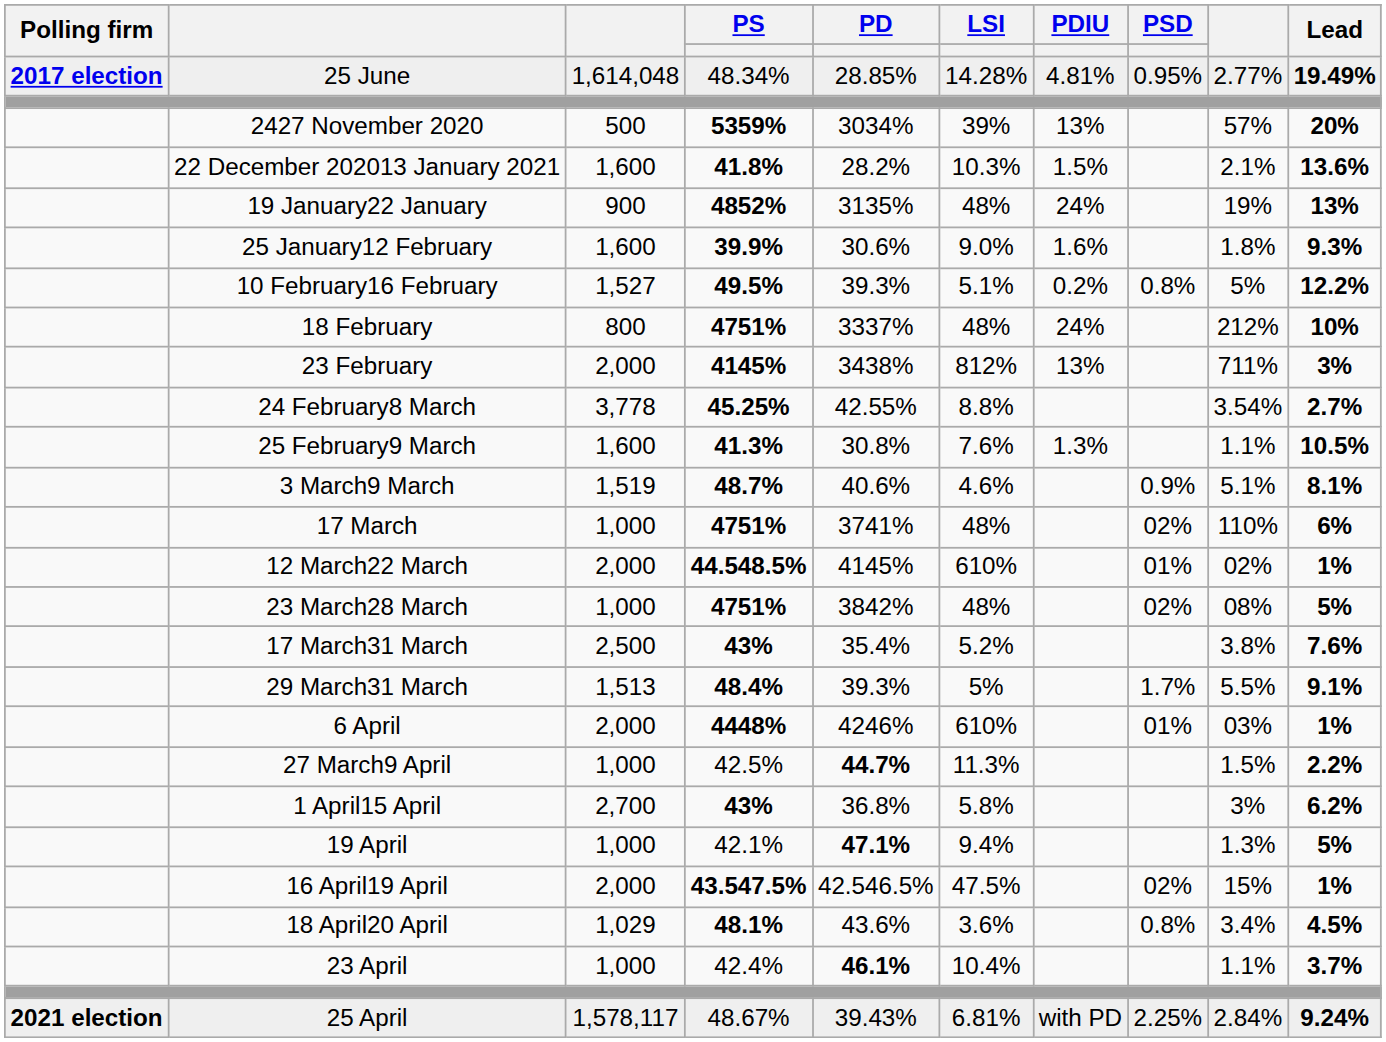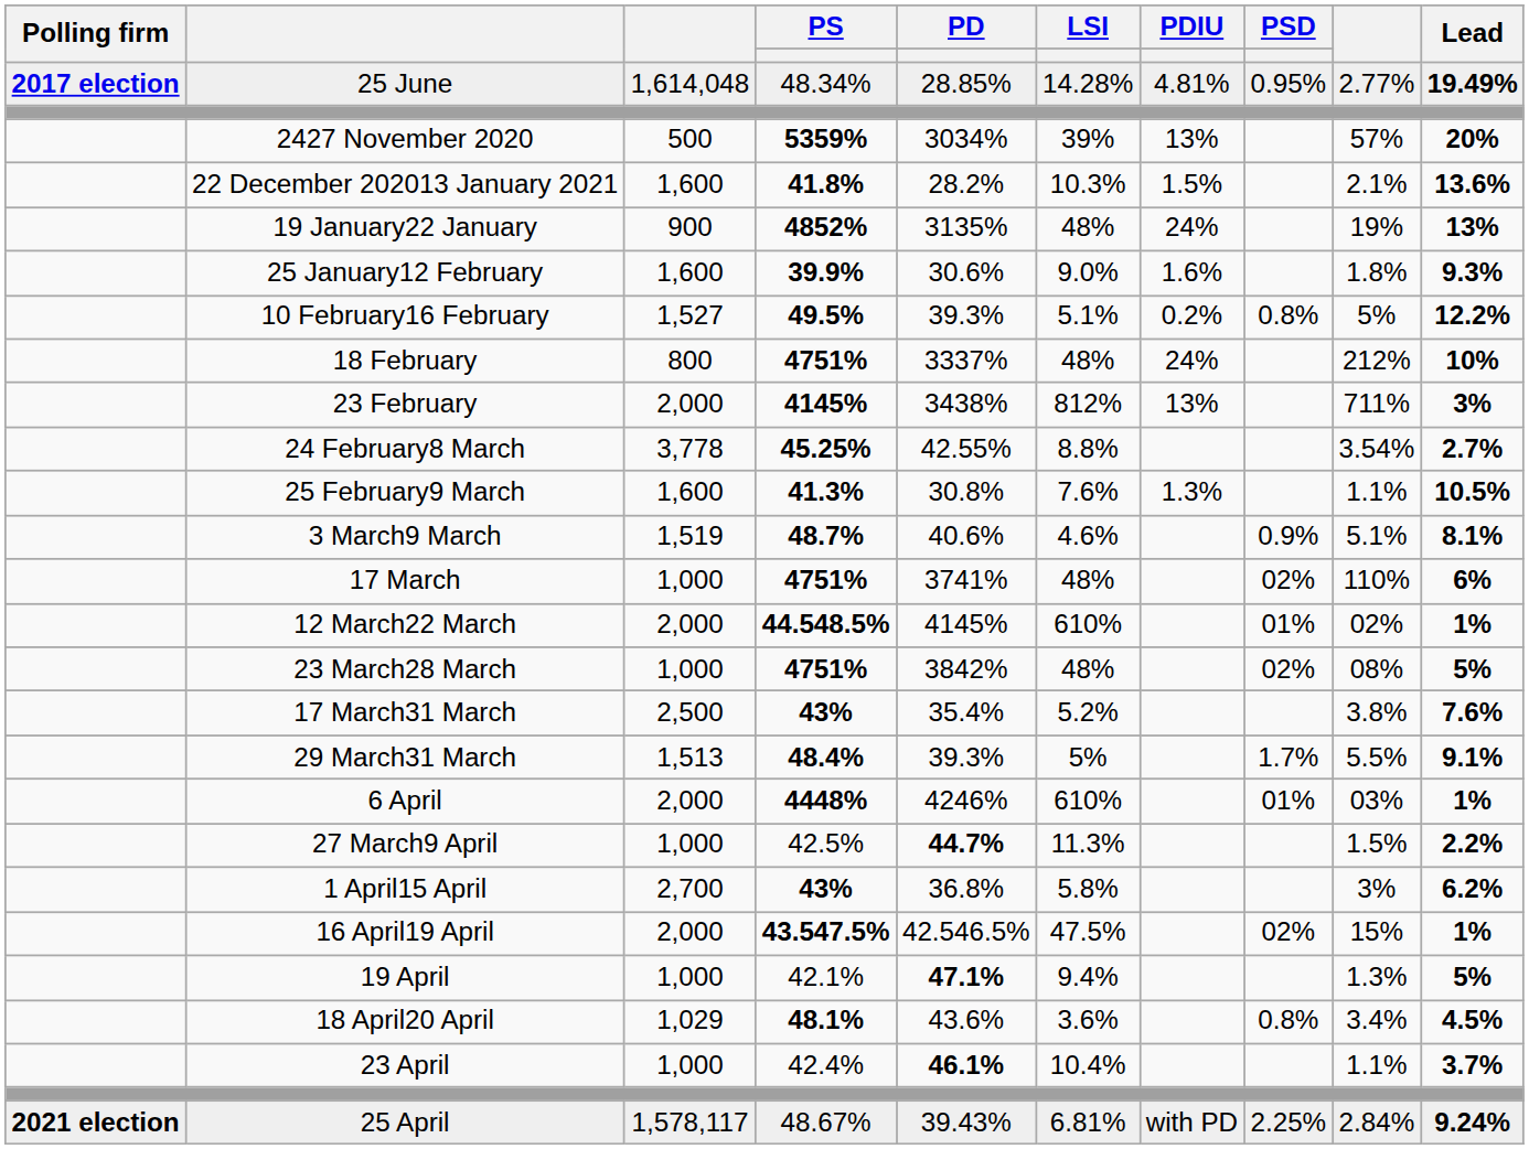 <table class="wikitable" style="text-align:center; font-size:85%; line-height:16px; margin-bottom:0">
 <tr>
 <th rowspan="2">Polling firm</th>
 <th rowspan="2"></th>
 <th rowspan="2"></th>
 <th><a href='#'>PS</a></th>
 <th><a href='#'>PD</a></th>
 <th><a href='#'>LSI</a></th>
 <th><a href='#'>PDIU</a></th>
 <th><a href='#'>PSD</a></th>
 <th rowspan="2"></th>
 <th rowspan="2">Lead</th>
 </tr>
 <tr>
 <th style="background:"></th>
 <th style="background:"></th>
 <th style="background:"></th>
 <th style="background:"></th>
 <th style="background:"></th>
 </tr>
 <tr style="background:#EFEFEF">
 <td><strong><a href='#'>2017 election</a></strong></td>
 <td>25 June</td>
 <td>1,614,048</td>
 <td>48.34%</td>
 <td>28.85%</td>
 <td>14.28%</td>
 <td>4.81%</td>
 <td>0.95%</td>
 <td>2.77%</td>
 <td style="background:"><strong>19.49%</strong></td>
 </tr>
 <tr>
 <td colspan="10" style="background:#A0A0A0"></td>
 </tr>
 <tr>
 <td></td>
 <td>2427 November 2020</td>
 <td>500</td>
 <td><strong>5359%</strong></td>
 <td>3034%</td>
 <td>39%</td>
 <td>13%</td>
 <td></td>
 <td>57%</td>
 <td style="background:"><strong>20%</strong></td>
 </tr>
 <tr>
 <td></td>
 <td>22 December 202013 January 2021</td>
 <td>1,600</td>
 <td><strong>41.8%</strong></td>
 <td>28.2%</td>
 <td>10.3%</td>
 <td>1.5%</td>
 <td></td>
 <td>2.1%</td>
 <td style="background:"><strong>13.6%</strong></td>
 </tr>
 <tr>
 <td></td>
 <td>19 January22 January</td>
 <td>900</td>
 <td><strong>4852%</strong></td>
 <td>3135%</td>
 <td>48%</td>
 <td>24%</td>
 <td></td>
 <td>19%</td>
 <td style="background:"><strong>13%</strong></td>
 </tr>
 <tr>
 <td></td>
 <td>25 January12 February</td>
 <td>1,600</td>
 <td><strong>39.9%</strong></td>
 <td>30.6%</td>
 <td>9.0%</td>
 <td>1.6%</td>
 <td></td>
 <td>1.8%</td>
 <td style="background:"><strong>9.3%</strong></td>
 </tr>
 <tr>
 <td></td>
 <td>10 February16 February</td>
 <td>1,527</td>
 <td><strong>49.5%</strong></td>
 <td>39.3%</td>
 <td>5.1%</td>
 <td>0.2%</td>
 <td>0.8%</td>
 <td>5%</td>
 <td style="background:"><strong>12.2%</strong></td>
 </tr>
 <tr>
 <td></td>
 <td>18 February</td>
 <td>800</td>
 <td><strong>4751%</strong></td>
 <td>3337%</td>
 <td>48%</td>
 <td>24%</td>
 <td></td>
 <td>212%</td>
 <td style="background:"><strong>10%</strong></td>
 </tr>
 <tr>
 <td></td>
 <td>23 February</td>
 <td>2,000</td>
 <td><strong>4145%</strong></td>
 <td>3438%</td>
 <td>812%</td>
 <td>13%</td>
 <td></td>
 <td>711%</td>
 <td style="background:"><strong>3%</strong></td>
 </tr>
 <tr>
 <td></td>
 <td>24 February8 March</td>
 <td>3,778</td>
 <td><strong>45.25%</strong></td>
 <td>42.55%</td>
 <td>8.8%</td>
 <td></td>
 <td></td>
 <td>3.54%</td>
 <td style="background:"><strong>2.7%</strong></td>
 </tr>
 <tr>
 <td></td>
 <td>25 February9 March</td>
 <td>1,600</td>
 <td><strong>41.3%</strong></td>
 <td>30.8%</td>
 <td>7.6%</td>
 <td>1.3%</td>
 <td></td>
 <td>1.1%</td>
 <td style="background:"><strong>10.5%</strong></td>
 </tr>
 <tr>
 <td></td>
 <td>3 March9 March</td>
 <td>1,519</td>
 <td><strong>48.7%</strong></td>
 <td>40.6%</td>
 <td>4.6%</td>
 <td></td>
 <td>0.9%</td>
 <td>5.1%</td>
 <td style="background:"><strong>8.1%</strong></td>
 </tr>
 <tr>
 <td></td>
 <td>17 March</td>
 <td>1,000</td>
 <td><strong>4751%</strong></td>
 <td>3741%</td>
 <td>48%</td>
 <td></td>
 <td>02%</td>
 <td>110%</td>
 <td style="background:"><strong>6%</strong></td>
 </tr>
 <tr>
 <td></td>
 <td>12 March22 March</td>
 <td>2,000</td>
 <td><strong>44.548.5%</strong></td>
 <td>4145%</td>
 <td>610%</td>
 <td></td>
 <td>01%</td>
 <td>02%</td>
 <td style="background:"><strong>1%</strong></td>
 </tr>
 <tr>
 <td></td>
 <td>23 March28 March</td>
 <td>1,000</td>
 <td><strong>4751%</strong></td>
 <td>3842%</td>
 <td>48%</td>
 <td></td>
 <td>02%</td>
 <td>08%</td>
 <td style="background:"><strong>5%</strong></td>
 </tr>
 <tr>
 <td></td>
 <td>17 March31 March</td>
 <td>2,500</td>
 <td><strong>43%</strong></td>
 <td>35.4%</td>
 <td>5.2%</td>
 <td></td>
 <td></td>
 <td>3.8%</td>
 <td style="background:"><strong>7.6%</strong></td>
 </tr>
 <tr>
 <td></td>
 <td>29 March31 March</td>
 <td>1,513</td>
 <td><strong>48.4%</strong></td>
 <td>39.3%</td>
 <td>5%</td>
 <td></td>
 <td>1.7%</td>
 <td>5.5%</td>
 <td style="background:"><strong>9.1%</strong></td>
 </tr>
 <tr>
 <td></td>
 <td>6 April</td>
 <td>2,000</td>
 <td><strong>4448%</strong></td>
 <td>4246%</td>
 <td>610%</td>
 <td></td>
 <td>01%</td>
 <td>03%</td>
 <td style="background:"><strong>1%</strong></td>
 </tr>
 <tr>
 <td></td>
 <td>27 March9 April</td>
 <td>1,000</td>
 <td>42.5%</td>
 <td><strong>44.7%</strong></td>
 <td>11.3%</td>
 <td></td>
 <td></td>
 <td>1.5%</td>
 <td style="background:"><strong>2.2%</strong></td>
 </tr>
 <tr>
 <td></td>
 <td>1 April15 April</td>
 <td>2,700</td>
 <td><strong>43%</strong></td>
 <td>36.8%</td>
 <td>5.8%</td>
 <td></td>
 <td></td>
 <td>3%</td>
 <td style="background:"><strong>6.2%</strong></td>
 </tr>
 <tr>
 <td></td>
+<td>16 April19 April</td>
+<td>2,000</td>
+<td><strong>43.547.5%</strong></td>
+<td>42.546.5%</td>
+<td>47.5%</td>
+<td></td>
+<td>02%</td>
+<td>15%</td>
+<td style="background:"><strong>1%</strong></td>
+</tr>
+<tr>
+<td></td>
 <td>19 April</td>
 <td>1,000</td>
 <td>42.1%</td>
 <td><strong>47.1%</strong></td>
 <td>9.4%</td>
 <td></td>
 <td></td>
 <td>1.3%</td>
 <td style="background:"><strong>5%</strong></td>
-</tr>
-<tr>
-<td></td>
-<td>16 April19 April</td>
-<td>2,000</td>
-<td><strong>43.547.5%</strong></td>
-<td>42.546.5%</td>
-<td>47.5%</td>
-<td></td>
-<td>02%</td>
-<td>15%</td>
-<td style="background:"><strong>1%</strong></td>
 </tr>
 <tr>
 <td></td>
 <td>18 April20 April</td>
 <td>1,029</td>
 <td><strong>48.1%</strong></td>
 <td>43.6%</td>
 <td>3.6%</td>
 <td></td>
 <td>0.8%</td>
 <td>3.4%</td>
 <td style="background:"><strong>4.5%</strong></td>
 </tr>
 <tr>
 <td></td>
 <td>23 April</td>
 <td>1,000</td>
 <td>42.4%</td>
 <td><strong>46.1%</strong></td>
 <td>10.4%</td>
 <td></td>
 <td></td>
 <td>1.1%</td>
 <td style="background:"><strong>3.7%</strong></td>
 </tr>
 <tr>
 <td colspan="10" style="background:#A0A0A0"></td>
 </tr>
 <tr>
 </tr>
 <tr style="background:#EFEFEF">
 <td><strong>2021 election</strong></td>
 <td>25 April</td>
 <td>1,578,117</td>
 <td>48.67%</td>
 <td>39.43%</td>
 <td>6.81%</td>
 <td>with PD</td>
 <td>2.25%</td>
 <td>2.84%</td>
 <td style="background:"><strong>9.24%</strong></td>
 </tr>
 </table>
